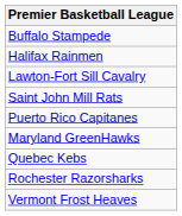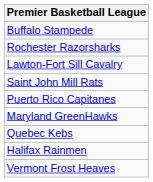 <table class=wikitable>
 <tr>
 <th>Premier Basketball League</th>
 </tr>
 <tr>
 <td><a href='#'>Buffalo Stampede</a></td>
 </tr>
 <tr>
-<td><a href='#'>Halifax Rainmen</a></td>
+<td><a href='#'>Rochester Razorsharks</a></td>
 </tr>
 <tr>
 <td><a href='#'>Lawton-Fort Sill Cavalry</a></td>
 </tr>
 <tr>
 <td><a href='#'>Saint John Mill Rats</a></td>
 </tr>
 <tr>
 <td><a href='#'>Puerto Rico Capitanes</a></td>
 </tr>
 <tr>
 <td><a href='#'>Maryland GreenHawks</a></td>
 </tr>
 <tr>
 <td><a href='#'>Quebec Kebs</a></td>
 </tr>
 <tr>
-<td><a href='#'>Rochester Razorsharks</a></td>
+<td><a href='#'>Halifax Rainmen</a></td>
 </tr>
 <tr>
 <td><a href='#'>Vermont Frost Heaves</a></td>
 </tr>
 </table>
